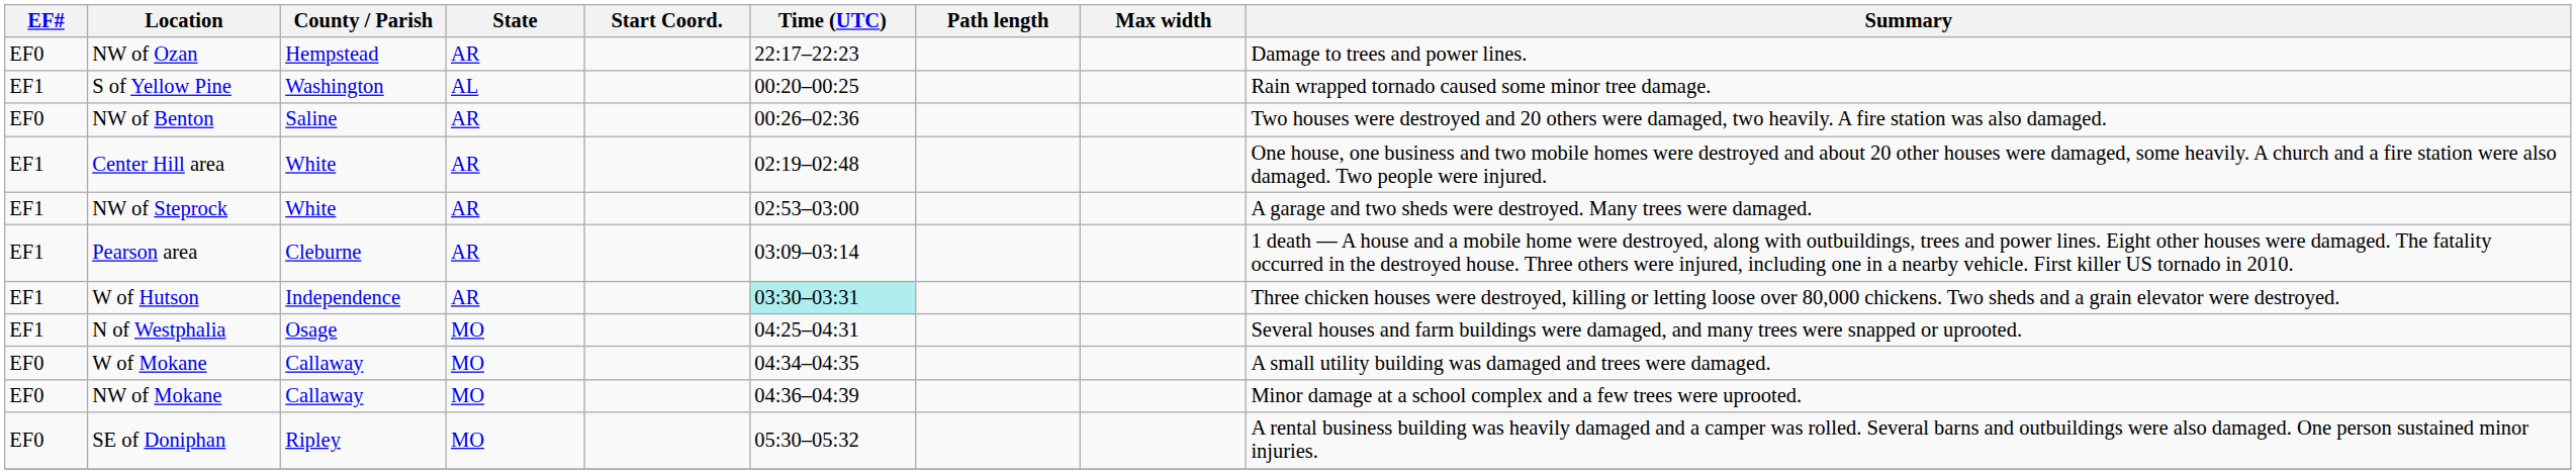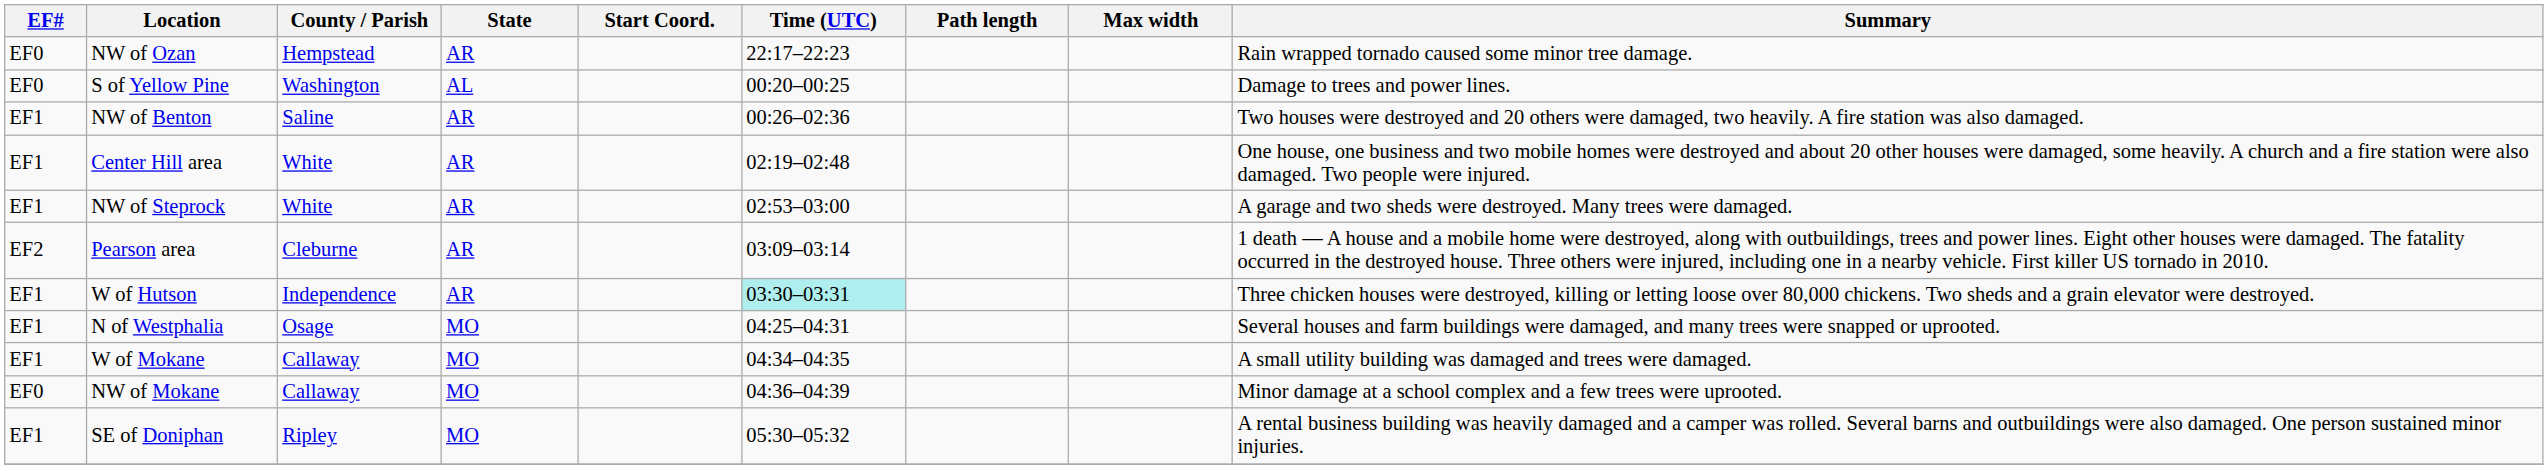 <table class="wikitable sortable" style="width:100%;">
 <tr>
 <th scope="col" width="3%" align="center"><a href='#'>EF#</a></th>
 <th scope="col" width="7%" align="center" class="unsortable">Location</th>
 <th scope="col" width="6%" align="center" class="unsortable">County / Parish</th>
 <th scope="col" width="5%" align="center">State</th>
 <th scope="col" width="6%" align="center">Start Coord.</th>
 <th scope="col" width="6%" align="center">Time (<a href='#'>UTC</a>)</th>
 <th scope="col" width="6%" align="center">Path length</th>
 <th scope="col" width="6%" align="center">Max width</th>
 <th scope="col" width="48%" class="unsortable" align="center">Summary</th>
 </tr>
 <tr>
 <td>EF0</td>
 <td>NW of <a href='#'>Ozan</a></td>
 <td><a href='#'>Hempstead</a></td>
 <td><a href='#'>AR</a></td>
 <td></td>
 <td>22:17–22:23</td>
 <td></td>
 <td></td>
-<td>Damage to trees and power lines.</td>
+<td>Rain wrapped tornado caused some minor tree damage.</td>
 </tr>
 <tr>
-<td>EF1</td>
+<td>EF0</td>
 <td>S of <a href='#'>Yellow Pine</a></td>
 <td><a href='#'>Washington</a></td>
 <td><a href='#'>AL</a></td>
 <td></td>
 <td>00:20–00:25</td>
 <td></td>
 <td></td>
-<td>Rain wrapped tornado caused some minor tree damage.</td>
+<td>Damage to trees and power lines.</td>
 </tr>
 <tr>
-<td>EF0</td>
+<td>EF1</td>
 <td>NW of <a href='#'>Benton</a></td>
 <td><a href='#'>Saline</a></td>
 <td><a href='#'>AR</a></td>
 <td></td>
 <td>00:26–02:36</td>
 <td></td>
 <td></td>
 <td>Two houses were destroyed and 20 others were damaged, two heavily. A fire station was also damaged.</td>
 </tr>
 <tr>
 <td>EF1</td>
 <td><a href='#'>Center Hill</a> area</td>
 <td><a href='#'>White</a></td>
 <td><a href='#'>AR</a></td>
 <td></td>
 <td>02:19–02:48</td>
 <td></td>
 <td></td>
 <td>One house, one business and two mobile homes were destroyed and about 20 other houses were damaged, some heavily. A church and a fire station were also damaged. Two people were injured.</td>
 </tr>
 <tr>
 <td>EF1</td>
 <td>NW of <a href='#'>Steprock</a></td>
 <td><a href='#'>White</a></td>
 <td><a href='#'>AR</a></td>
 <td></td>
 <td>02:53–03:00</td>
 <td></td>
 <td></td>
 <td>A garage and two sheds were destroyed. Many trees were damaged.</td>
 </tr>
 <tr>
-<td>EF1</td>
+<td>EF2</td>
 <td><a href='#'>Pearson</a> area</td>
 <td><a href='#'>Cleburne</a></td>
 <td><a href='#'>AR</a></td>
 <td></td>
 <td>03:09–03:14</td>
 <td></td>
 <td></td>
 <td>1 death — A house and a mobile home were destroyed, along with outbuildings, trees and power lines. Eight other houses were damaged. The fatality occurred in the destroyed house. Three others were injured, including one in a nearby vehicle. First killer US tornado in 2010.</td>
 </tr>
 <tr>
 <td>EF1</td>
 <td>W of <a href='#'>Hutson</a></td>
 <td><a href='#'>Independence</a></td>
 <td><a href='#'>AR</a></td>
 <td></td>
 <td style="background: paleturquoise;">03:30–03:31</td>
 <td></td>
 <td></td>
 <td>Three chicken houses were destroyed, killing or letting loose over 80,000 chickens. Two sheds and a grain elevator were destroyed.</td>
 </tr>
 <tr>
 <td>EF1</td>
 <td>N of <a href='#'>Westphalia</a></td>
 <td><a href='#'>Osage</a></td>
 <td><a href='#'>MO</a></td>
 <td></td>
 <td>04:25–04:31</td>
 <td></td>
 <td></td>
 <td>Several houses and farm buildings were damaged, and many trees were snapped or uprooted.</td>
 </tr>
 <tr>
-<td>EF0</td>
+<td>EF1</td>
 <td>W of <a href='#'>Mokane</a></td>
 <td><a href='#'>Callaway</a></td>
 <td><a href='#'>MO</a></td>
 <td></td>
 <td>04:34–04:35</td>
 <td></td>
 <td></td>
 <td>A small utility building was damaged and trees were damaged.</td>
 </tr>
 <tr>
 <td>EF0</td>
 <td>NW of <a href='#'>Mokane</a></td>
 <td><a href='#'>Callaway</a></td>
 <td><a href='#'>MO</a></td>
 <td></td>
 <td>04:36–04:39</td>
 <td></td>
 <td></td>
 <td>Minor damage at a school complex and a few trees were uprooted.</td>
 </tr>
 <tr>
-<td>EF0</td>
+<td>EF1</td>
 <td>SE of <a href='#'>Doniphan</a></td>
 <td><a href='#'>Ripley</a></td>
 <td><a href='#'>MO</a></td>
 <td></td>
 <td>05:30–05:32</td>
 <td></td>
 <td></td>
 <td>A rental business building was heavily damaged and a camper was rolled. Several barns and outbuildings were also damaged. One person sustained minor injuries.</td>
 </tr>
 <tr>
 </tr>
 </table>
